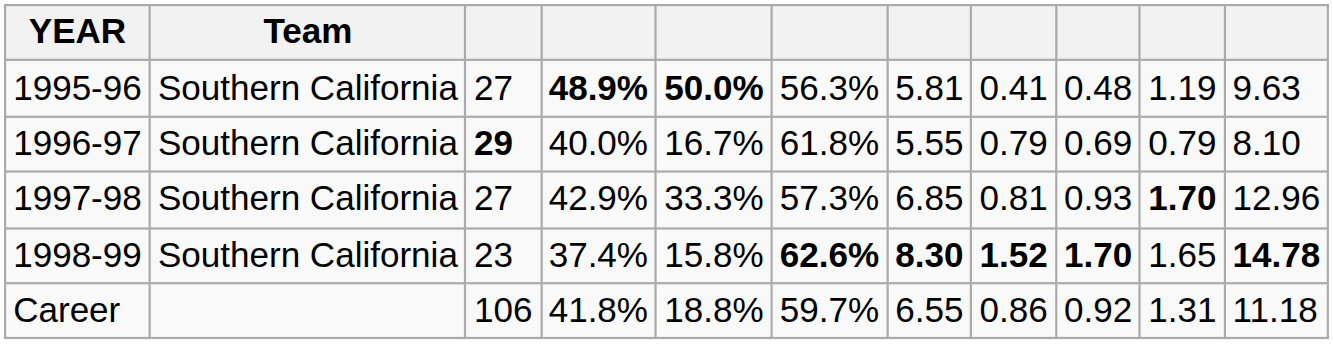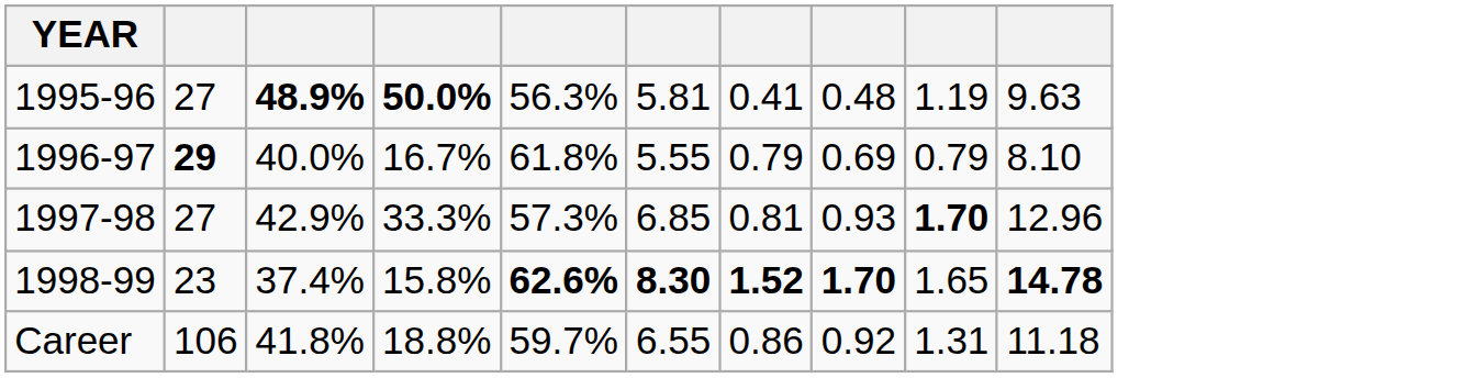 <table class="wikitable">
 <tr>
 <th>YEAR</th>
-<th>Team</th>
 <th scope="col"></th>
 <th scope="col"></th>
 <th scope="col"></th>
 <th scope="col"></th>
 <th scope="col"></th>
 <th scope="col"></th>
 <th scope="col"></th>
 <th scope="col"></th>
 <th scope="col"></th>
 </tr>
 <tr>
 <td>1995-96</td>
-<td>Southern California</td>
 <td>27</td>
 <td><strong>48.9%</strong></td>
 <td><strong>50.0%</strong></td>
 <td>56.3%</td>
 <td>5.81</td>
 <td>0.41</td>
 <td>0.48</td>
 <td>1.19</td>
 <td>9.63</td>
 </tr>
 <tr>
 <td>1996-97</td>
-<td>Southern California</td>
 <td><strong>29</strong></td>
 <td>40.0%</td>
 <td>16.7%</td>
 <td>61.8%</td>
 <td>5.55</td>
 <td>0.79</td>
 <td>0.69</td>
 <td>0.79</td>
 <td>8.10</td>
 </tr>
 <tr>
 <td>1997-98</td>
-<td>Southern California</td>
 <td>27</td>
 <td>42.9%</td>
 <td>33.3%</td>
 <td>57.3%</td>
 <td>6.85</td>
 <td>0.81</td>
 <td>0.93</td>
 <td><strong>1.70</strong></td>
 <td>12.96</td>
 </tr>
 <tr>
 <td>1998-99</td>
-<td>Southern California</td>
 <td>23</td>
 <td>37.4%</td>
 <td>15.8%</td>
 <td><strong>62.6%</strong></td>
 <td><strong>8.30</strong></td>
 <td><strong>1.52</strong></td>
 <td><strong>1.70</strong></td>
 <td>1.65</td>
 <td><strong>14.78</strong></td>
 </tr>
 <tr>
 <td>Career</td>
-<td></td>
 <td>106</td>
 <td>41.8%</td>
 <td>18.8%</td>
 <td>59.7%</td>
 <td>6.55</td>
 <td>0.86</td>
 <td>0.92</td>
 <td>1.31</td>
 <td>11.18</td>
 </tr>
 </table>
